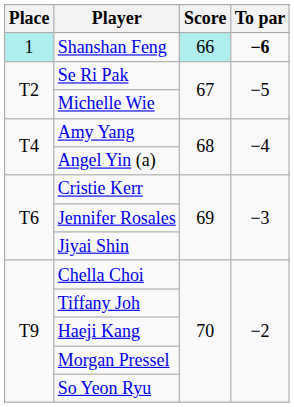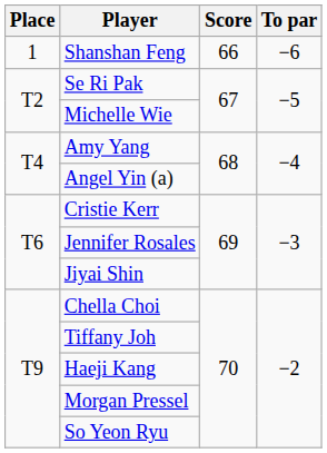 <table class="wikitable">
 <tr>
 <th>Place</th>
 <th>Player</th>
 <th>Score</th>
 <th>To par</th>
 </tr>
 <tr>
-<td align=center style="background: paleturquoise;">1</td>
+<td align=center>1</td>
 <td> <a href='#'>Shanshan Feng</a></td>
-<td align=center style="background: paleturquoise;">66</td>
-<td align=center><strong>−6</strong></td>
+<td align=center>66</td>
+<td align=center>−6</td>
 </tr>
 <tr>
 <td align=center rowspan=2>T2</td>
 <td> <a href='#'>Se Ri Pak</a></td>
 <td align=center rowspan=2>67</td>
 <td align=center rowspan=2>−5</td>
 </tr>
 <tr>
 <td> <a href='#'>Michelle Wie</a></td>
 </tr>
 <tr>
 <td align=center rowspan=2>T4</td>
 <td> <a href='#'>Amy Yang</a></td>
 <td align=center rowspan=2>68</td>
 <td align=center rowspan=2>−4</td>
 </tr>
 <tr>
 <td> <a href='#'>Angel Yin</a> (a)</td>
 </tr>
 <tr>
 <td align=center rowspan=3>T6</td>
 <td> <a href='#'>Cristie Kerr</a></td>
 <td align=center rowspan=3>69</td>
 <td align=center rowspan=3>−3</td>
 </tr>
 <tr>
 <td> <a href='#'>Jennifer Rosales</a></td>
 </tr>
 <tr>
 <td> <a href='#'>Jiyai Shin</a></td>
 </tr>
 <tr>
 <td align=center rowspan=5>T9</td>
 <td> <a href='#'>Chella Choi</a></td>
 <td align=center rowspan=5>70</td>
 <td align=center rowspan=5>−2</td>
 </tr>
 <tr>
 <td> <a href='#'>Tiffany Joh</a></td>
 </tr>
 <tr>
 <td> <a href='#'>Haeji Kang</a></td>
 </tr>
 <tr>
 <td> <a href='#'>Morgan Pressel</a></td>
 </tr>
 <tr>
 <td> <a href='#'>So Yeon Ryu</a></td>
 </tr>
 </table>
